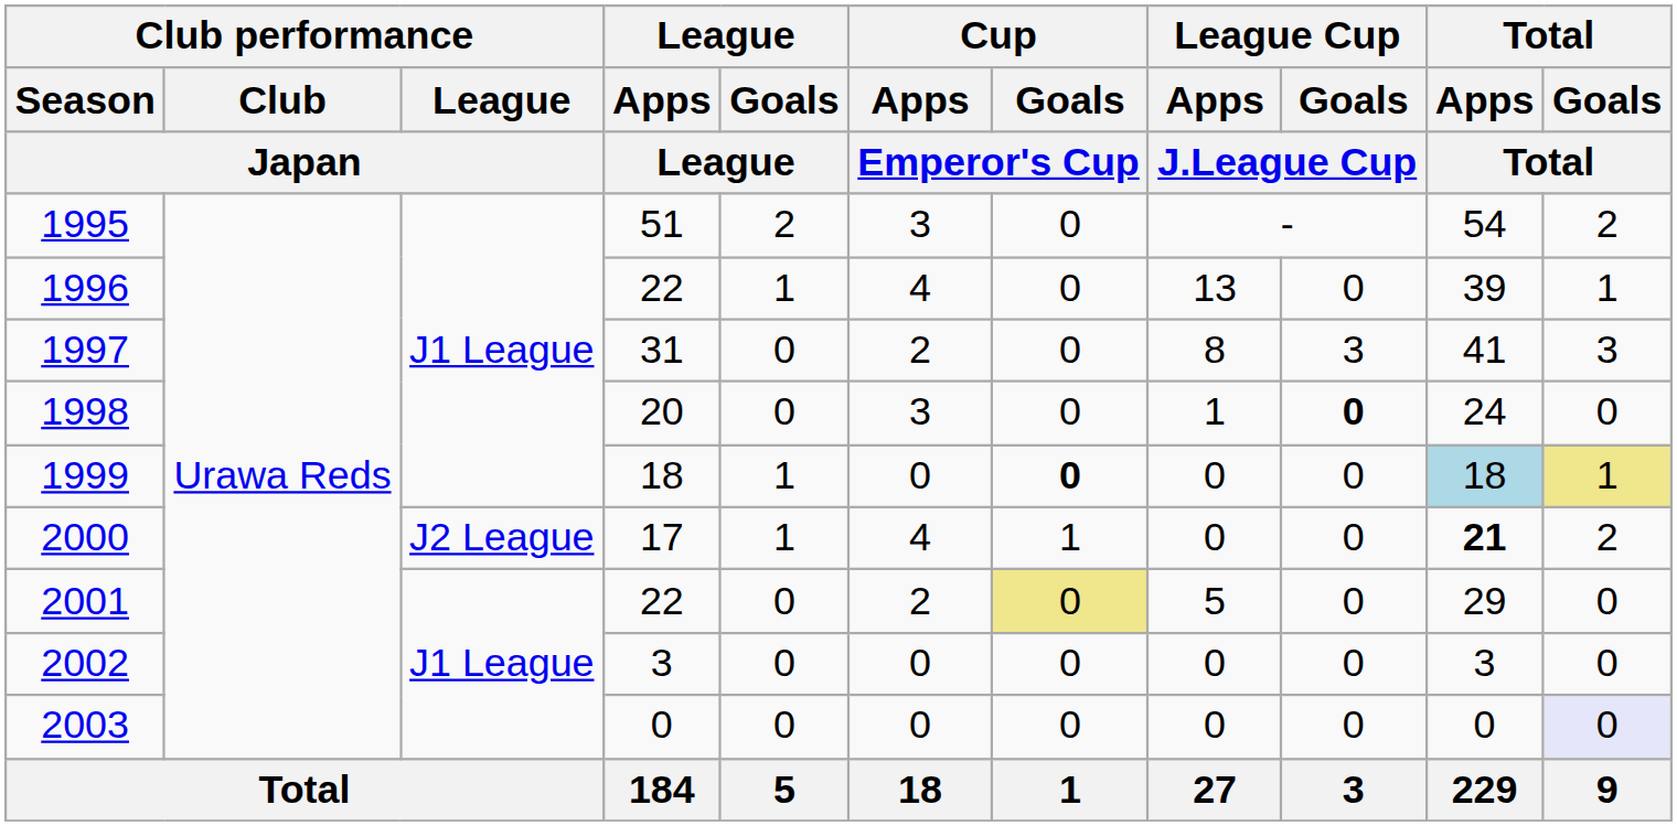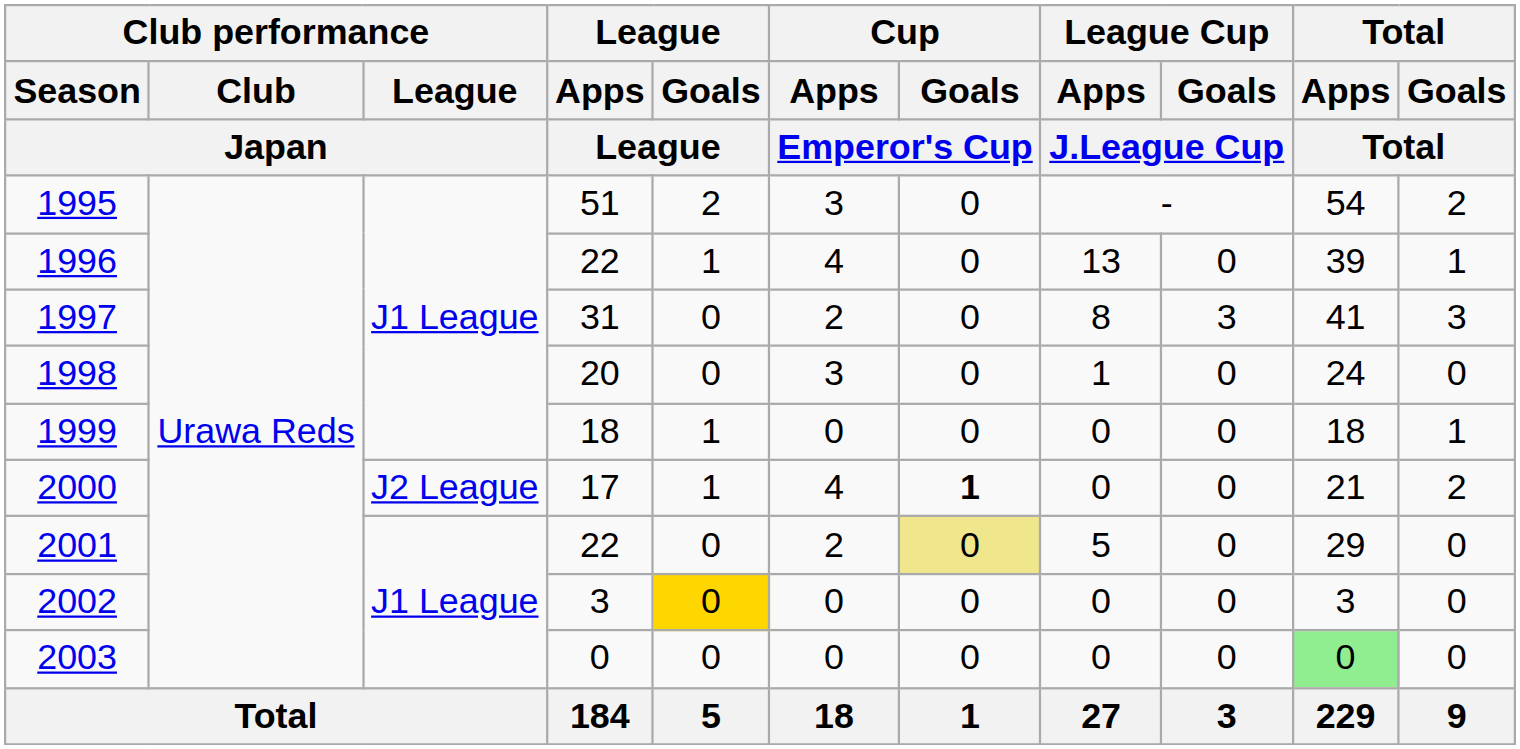 <table class="wikitable" style="text-align:center;">
 <tr>
 <th colspan=3>Club performance</th>
 <th colspan=2>League</th>
 <th colspan=2>Cup</th>
 <th colspan=2>League Cup</th>
 <th colspan=2>Total</th>
 </tr>
 <tr>
 <th>Season</th>
 <th>Club</th>
 <th>League</th>
 <th>Apps</th>
 <th>Goals</th>
 <th>Apps</th>
 <th>Goals</th>
 <th>Apps</th>
 <th>Goals</th>
 <th>Apps</th>
 <th>Goals</th>
 </tr>
 <tr>
 <th colspan=3>Japan</th>
 <th colspan=2>League</th>
 <th colspan=2><a href='#'>Emperor's Cup</a></th>
 <th colspan=2><a href='#'>J.League Cup</a></th>
 <th colspan=2>Total</th>
 </tr>
 <tr>
 <td><a href='#'>1995</a></td>
 <td rowspan="9"><a href='#'>Urawa Reds</a></td>
 <td rowspan="5"><a href='#'>J1 League</a></td>
 <td>51</td>
 <td>2</td>
 <td>3</td>
 <td>0</td>
 <td colspan="2">-</td>
 <td>54</td>
 <td>2</td>
 </tr>
 <tr>
 <td><a href='#'>1996</a></td>
 <td>22</td>
 <td>1</td>
 <td>4</td>
 <td>0</td>
 <td>13</td>
 <td>0</td>
 <td>39</td>
 <td>1</td>
 </tr>
 <tr>
 <td><a href='#'>1997</a></td>
 <td>31</td>
 <td>0</td>
 <td>2</td>
 <td>0</td>
 <td>8</td>
 <td>3</td>
 <td>41</td>
 <td>3</td>
 </tr>
 <tr>
 <td><a href='#'>1998</a></td>
 <td>20</td>
 <td>0</td>
 <td>3</td>
 <td>0</td>
 <td>1</td>
-<td><strong>0</strong></td>
+<td>0</td>
 <td>24</td>
 <td>0</td>
 </tr>
 <tr>
 <td><a href='#'>1999</a></td>
 <td>18</td>
 <td>1</td>
 <td>0</td>
-<td><strong>0</strong></td>
 <td>0</td>
 <td>0</td>
-<td style="background: lightblue;">18</td>
-<td style="background: khaki;">1</td>
+<td>0</td>
+<td>18</td>
+<td>1</td>
 </tr>
 <tr>
 <td><a href='#'>2000</a></td>
 <td><a href='#'>J2 League</a></td>
 <td>17</td>
 <td>1</td>
 <td>4</td>
-<td>1</td>
+<td><strong>1</strong></td>
 <td>0</td>
 <td>0</td>
-<td><strong>21</strong></td>
+<td>21</td>
 <td>2</td>
 </tr>
 <tr>
 <td><a href='#'>2001</a></td>
 <td rowspan="3"><a href='#'>J1 League</a></td>
 <td>22</td>
 <td>0</td>
 <td>2</td>
 <td style="background: khaki;">0</td>
 <td>5</td>
 <td>0</td>
 <td>29</td>
 <td>0</td>
 </tr>
 <tr>
 <td><a href='#'>2002</a></td>
 <td>3</td>
-<td>0</td>
+<td style="background: gold;">0</td>
 <td>0</td>
 <td>0</td>
 <td>0</td>
 <td>0</td>
 <td>3</td>
 <td>0</td>
 </tr>
 <tr>
 <td><a href='#'>2003</a></td>
 <td>0</td>
 <td>0</td>
 <td>0</td>
 <td>0</td>
 <td>0</td>
 <td>0</td>
+<td style="background: lightgreen;">0</td>
 <td>0</td>
-<td style="background: lavender;">0</td>
 </tr>
 <tr>
 <th colspan=3>Total</th>
 <th>184</th>
 <th>5</th>
 <th>18</th>
 <th>1</th>
 <th>27</th>
 <th>3</th>
 <th>229</th>
 <th>9</th>
 </tr>
 </table>
